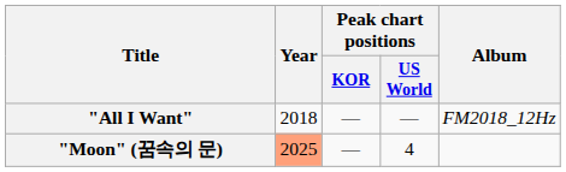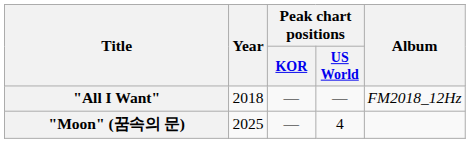 <table class="wikitable plainrowheaders" style="text-align:center;">
 <tr>
 <th rowspan="2" style="width:14em">Title</th>
 <th rowspan="2">Year</th>
 <th colspan="2">Peak chart positions</th>
 <th rowspan="2">Album</th>
 </tr>
 <tr>
 <th scope="col" style="width:3em;font-size:90%;"><a href='#'>KOR</a><br></th>
 <th scope="col" style="width:3em;font-size:90%;"><a href='#'>US<br>World</a><br></th>
 </tr>
 <tr>
 <th scope="row">"All I Want" <br></th>
 <td>2018</td>
 <td>—</td>
 <td>—</td>
 <td><em>FM2018_12Hz</em></td>
 </tr>
 <tr>
 <th scope="row">"Moon" (꿈속의 문)<br></th>
-<td style="background: lightsalmon;">2025</td>
+<td>2025</td>
 <td>—</td>
 <td>4</td>
 <td></td>
 </tr>
 </table>
